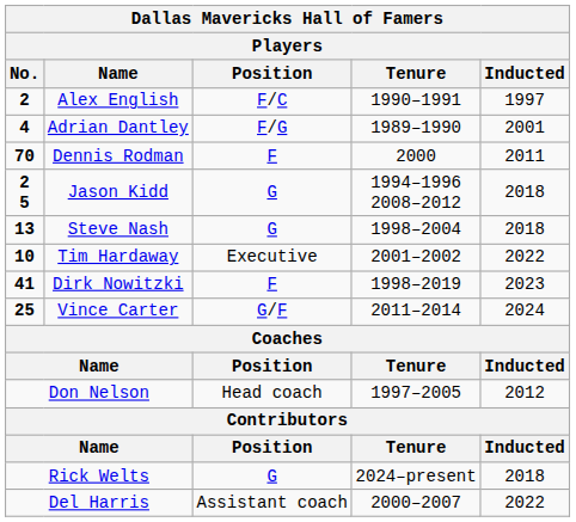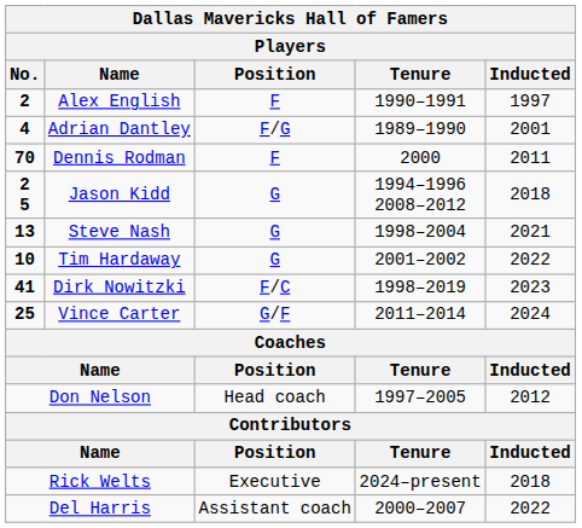 <table class="wikitable" style="text-align:center">
 <tr>
 <th colspan="5">Dallas Mavericks Hall of Famers</th>
 </tr>
 <tr>
 <th colspan="5" style="text-align:center; ">Players</th>
 </tr>
 <tr>
 <th>No.</th>
 <th>Name</th>
 <th>Position</th>
 <th>Tenure</th>
 <th>Inducted</th>
 </tr>
 <tr>
 <td><strong>2</strong></td>
 <td><a href='#'>Alex English</a></td>
-<td><a href='#'>F</a>/<a href='#'>C</a></td>
+<td><a href='#'>F</a></td>
 <td>1990–1991</td>
 <td>1997</td>
 </tr>
 <tr>
 <td><strong>4</strong></td>
 <td><a href='#'>Adrian Dantley</a></td>
 <td><a href='#'>F</a>/<a href='#'>G</a></td>
 <td>1989–1990</td>
 <td>2001</td>
 </tr>
 <tr>
 <td><strong>70</strong></td>
 <td><a href='#'>Dennis Rodman</a></td>
 <td><a href='#'>F</a></td>
 <td>2000</td>
 <td>2011</td>
 </tr>
 <tr>
 <td><strong>2</strong><br><strong>5</strong></td>
 <td><a href='#'>Jason Kidd</a></td>
 <td><a href='#'>G</a></td>
 <td>1994–1996<br>2008–2012</td>
 <td>2018</td>
 </tr>
 <tr>
 <td><strong>13</strong></td>
 <td><a href='#'>Steve Nash</a></td>
 <td><a href='#'>G</a></td>
 <td>1998–2004</td>
-<td>2018</td>
+<td>2021</td>
 </tr>
 <tr>
 <td><strong>10</strong></td>
 <td><a href='#'>Tim Hardaway</a></td>
-<td>Executive</td>
+<td><a href='#'>G</a></td>
 <td>2001–2002</td>
 <td>2022</td>
 </tr>
 <tr>
 <td><strong>41</strong></td>
 <td><a href='#'>Dirk Nowitzki</a></td>
-<td><a href='#'>F</a></td>
+<td><a href='#'>F</a>/<a href='#'>C</a></td>
 <td>1998–2019</td>
 <td>2023</td>
 </tr>
 <tr>
 <td><strong>25</strong></td>
 <td><a href='#'>Vince Carter</a></td>
 <td><a href='#'>G</a>/<a href='#'>F</a></td>
 <td>2011–2014</td>
 <td>2024</td>
 </tr>
 <tr>
 <th colspan="5" style="text-align:center; ">Coaches</th>
 </tr>
 <tr>
 <th colspan="2">Name</th>
 <th>Position</th>
 <th>Tenure</th>
 <th>Inducted</th>
 </tr>
 <tr>
 <td colspan="2"><a href='#'>Don Nelson</a></td>
 <td>Head coach</td>
 <td>1997–2005</td>
 <td>2012</td>
 </tr>
 <tr>
 <th colspan="5" style="text-align:center; ">Contributors</th>
 </tr>
 <tr>
 <th colspan="2">Name</th>
 <th>Position</th>
 <th>Tenure</th>
 <th>Inducted</th>
 </tr>
 <tr>
 <td colspan="2"><a href='#'>Rick Welts</a></td>
-<td><a href='#'>G</a></td>
+<td>Executive</td>
 <td>2024–present</td>
 <td>2018</td>
 </tr>
 <tr>
 <td colspan="2"><a href='#'>Del Harris</a></td>
 <td>Assistant coach</td>
 <td>2000–2007</td>
 <td>2022</td>
 </tr>
 </table>
